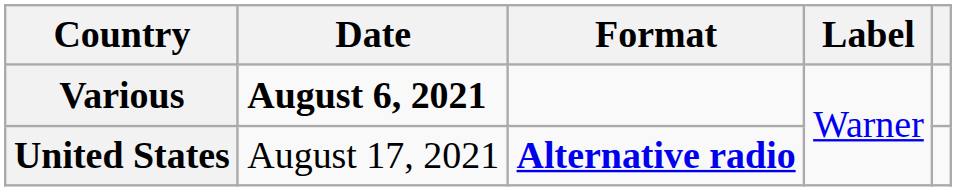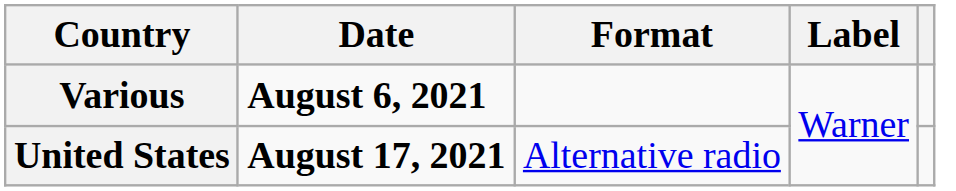 <table class="wikitable plainrowheaders" border="1">
 <tr>
 <th scope="col">Country</th>
 <th scope="col">Date</th>
 <th scope="col">Format</th>
 <th scope="col">Label</th>
 <th scope="col"></th>
 </tr>
 <tr>
 <th scope="row">Various</th>
 <td><strong>August 6, 2021</strong></td>
 <td></td>
 <td rowspan="2"><a href='#'>Warner</a></td>
 <td align="center"></td>
 </tr>
 <tr>
 <th scope="row">United States</th>
-<td>August 17, 2021</td>
-<td><strong><a href='#'>Alternative radio</a></strong></td>
+<td><strong>August 17, 2021</strong></td>
+<td><a href='#'>Alternative radio</a></td>
 <td align="center"></td>
 </tr>
 </table>
